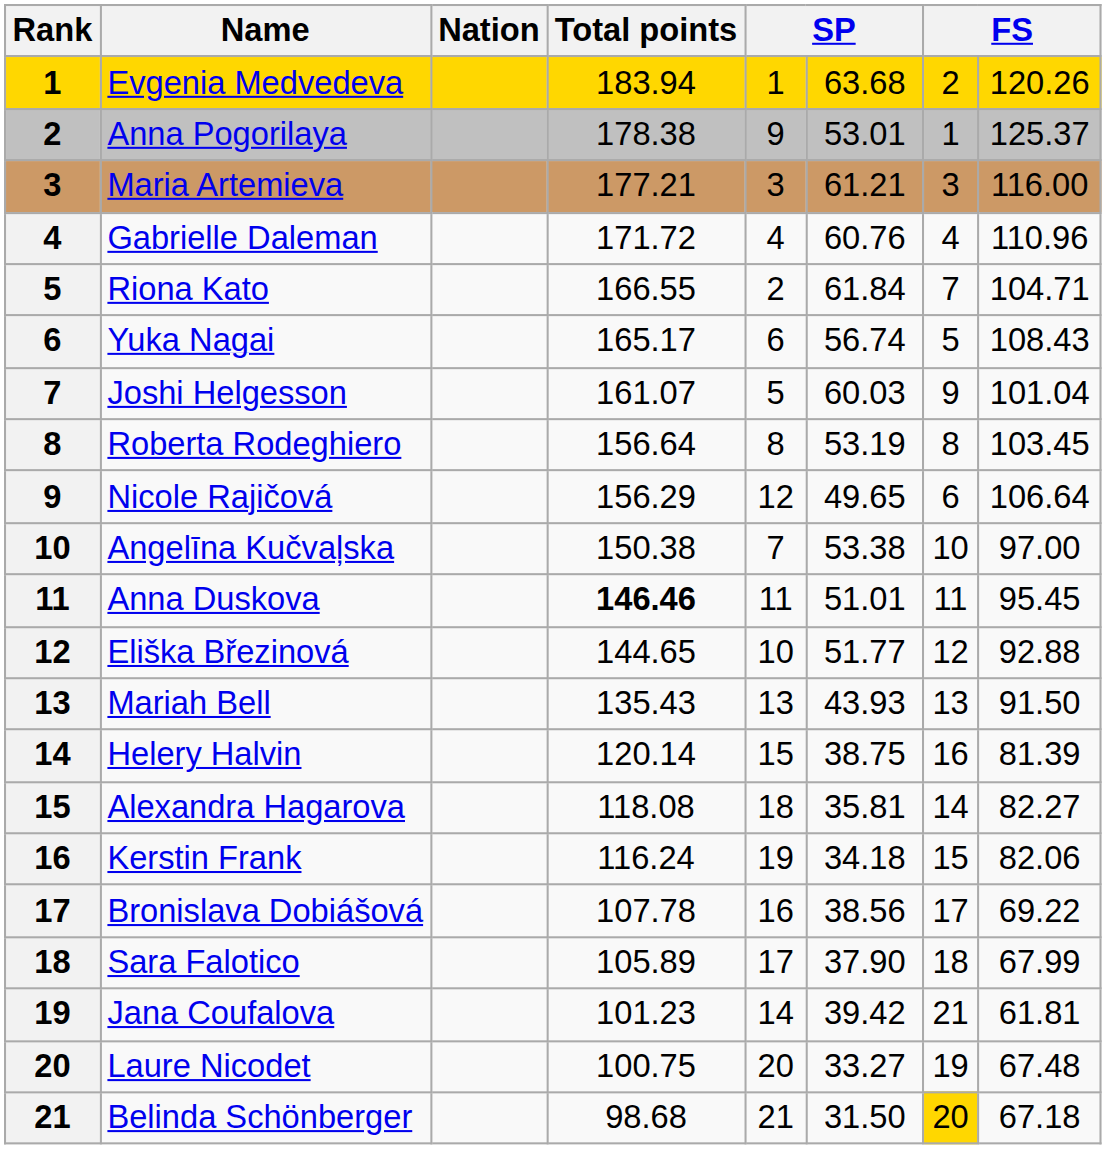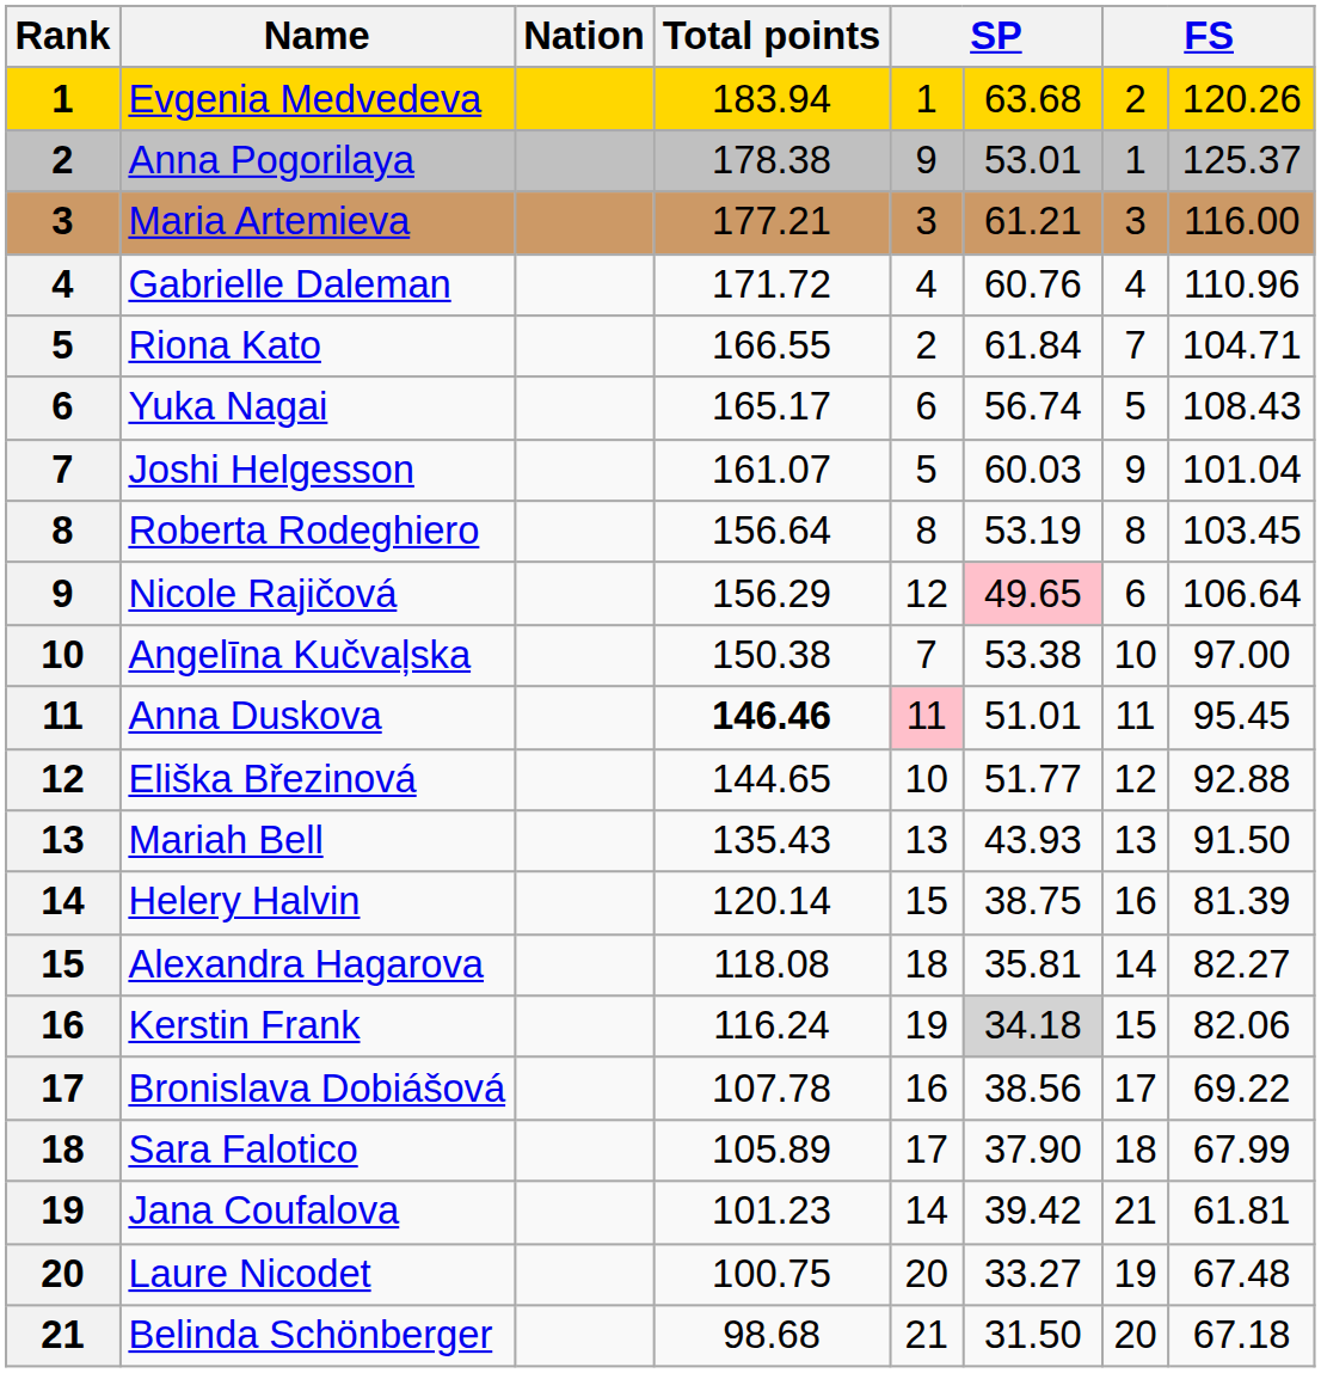 <table class="wikitable sortable">
 <tr>
 <th>Rank</th>
 <th>Name</th>
 <th>Nation</th>
 <th>Total points</th>
 <th colspan="2" width="80px"><a href='#'>SP</a></th>
 <th colspan="2" width="80px"><a href='#'>FS</a></th>
 </tr>
 <tr bgcolor="gold">
 <td align="center"><strong>1</strong></td>
 <td><a href='#'>Evgenia Medvedeva</a></td>
 <td></td>
 <td align="center">183.94</td>
 <td align="center">1</td>
 <td align="center">63.68</td>
 <td align="center">2</td>
 <td align="center">120.26</td>
 </tr>
 <tr bgcolor="silver">
 <td align="center"><strong>2</strong></td>
 <td><a href='#'>Anna Pogorilaya</a></td>
 <td></td>
 <td align="center">178.38</td>
 <td align="center">9</td>
 <td align="center">53.01</td>
 <td align="center">1</td>
 <td align="center">125.37</td>
 </tr>
 <tr bgcolor="cc9966">
 <td align="center"><strong>3</strong></td>
 <td><a href='#'>Maria Artemieva</a></td>
 <td></td>
 <td align="center">177.21</td>
 <td align="center">3</td>
 <td align="center">61.21</td>
 <td align="center">3</td>
 <td align="center">116.00</td>
 </tr>
 <tr>
 <th>4</th>
 <td><a href='#'>Gabrielle Daleman</a></td>
 <td></td>
 <td align="center">171.72</td>
 <td align="center">4</td>
 <td align="center">60.76</td>
 <td align="center">4</td>
 <td align="center">110.96</td>
 </tr>
 <tr>
 <th>5</th>
 <td><a href='#'>Riona Kato</a></td>
 <td></td>
 <td align="center">166.55</td>
 <td align="center">2</td>
 <td align="center">61.84</td>
 <td align="center">7</td>
 <td align="center">104.71</td>
 </tr>
 <tr>
 <th>6</th>
 <td><a href='#'>Yuka Nagai</a></td>
 <td></td>
 <td align="center">165.17</td>
 <td align="center">6</td>
 <td align="center">56.74</td>
 <td align="center">5</td>
 <td align="center">108.43</td>
 </tr>
 <tr>
 <th>7</th>
 <td><a href='#'>Joshi Helgesson</a></td>
 <td></td>
 <td align="center">161.07</td>
 <td align="center">5</td>
 <td align="center">60.03</td>
 <td align="center">9</td>
 <td align="center">101.04</td>
 </tr>
 <tr>
 <th>8</th>
 <td><a href='#'>Roberta Rodeghiero</a></td>
 <td></td>
 <td align="center">156.64</td>
 <td align="center">8</td>
 <td align="center">53.19</td>
 <td align="center">8</td>
 <td align="center">103.45</td>
 </tr>
 <tr>
 <th>9</th>
 <td><a href='#'>Nicole Rajičová</a></td>
 <td></td>
 <td align="center">156.29</td>
 <td align="center">12</td>
-<td align="center">49.65</td>
+<td align="center" style="background: pink;">49.65</td>
 <td align="center">6</td>
 <td align="center">106.64</td>
 </tr>
 <tr>
 <th>10</th>
 <td><a href='#'>Angelīna Kučvaļska</a></td>
 <td></td>
 <td align="center">150.38</td>
 <td align="center">7</td>
 <td align="center">53.38</td>
 <td align="center">10</td>
 <td align="center">97.00</td>
 </tr>
 <tr>
 <th>11</th>
 <td><a href='#'>Anna Duskova</a></td>
 <td></td>
 <td align="center"><strong>146.46</strong></td>
-<td align="center">11</td>
+<td align="center" style="background: pink;">11</td>
 <td align="center">51.01</td>
 <td align="center">11</td>
 <td align="center">95.45</td>
 </tr>
 <tr>
 <th>12</th>
 <td><a href='#'>Eliška Březinová</a></td>
 <td></td>
 <td align="center">144.65</td>
 <td align="center">10</td>
 <td align="center">51.77</td>
 <td align="center">12</td>
 <td align="center">92.88</td>
 </tr>
 <tr>
 <th>13</th>
 <td><a href='#'>Mariah Bell</a></td>
 <td></td>
 <td align="center">135.43</td>
 <td align="center">13</td>
 <td align="center">43.93</td>
 <td align="center">13</td>
 <td align="center">91.50</td>
 </tr>
 <tr>
 <th>14</th>
 <td><a href='#'>Helery Halvin</a></td>
 <td></td>
 <td align="center">120.14</td>
 <td align="center">15</td>
 <td align="center">38.75</td>
 <td align="center">16</td>
 <td align="center">81.39</td>
 </tr>
 <tr>
 <th>15</th>
 <td><a href='#'>Alexandra Hagarova</a></td>
 <td></td>
 <td align="center">118.08</td>
 <td align="center">18</td>
 <td align="center">35.81</td>
 <td align="center">14</td>
 <td align="center">82.27</td>
 </tr>
 <tr>
 <th>16</th>
 <td><a href='#'>Kerstin Frank</a></td>
 <td></td>
 <td align="center">116.24</td>
 <td align="center">19</td>
-<td align="center">34.18</td>
+<td align="center" style="background: lightgrey;">34.18</td>
 <td align="center">15</td>
 <td align="center">82.06</td>
 </tr>
 <tr>
 <th>17</th>
 <td><a href='#'>Bronislava Dobiášová</a></td>
 <td></td>
 <td align="center">107.78</td>
 <td align="center">16</td>
 <td align="center">38.56</td>
 <td align="center">17</td>
 <td align="center">69.22</td>
 </tr>
 <tr>
 <th>18</th>
 <td><a href='#'>Sara Falotico</a></td>
 <td></td>
 <td align="center">105.89</td>
 <td align="center">17</td>
 <td align="center">37.90</td>
 <td align="center">18</td>
 <td align="center">67.99</td>
 </tr>
 <tr>
 <th>19</th>
 <td><a href='#'>Jana Coufalova</a></td>
 <td></td>
 <td align="center">101.23</td>
 <td align="center">14</td>
 <td align="center">39.42</td>
 <td align="center">21</td>
 <td align="center">61.81</td>
 </tr>
 <tr>
 <th>20</th>
 <td><a href='#'>Laure Nicodet</a></td>
 <td></td>
 <td align="center">100.75</td>
 <td align="center">20</td>
 <td align="center">33.27</td>
 <td align="center">19</td>
 <td align="center">67.48</td>
 </tr>
 <tr>
 <th>21</th>
 <td><a href='#'>Belinda Schönberger</a></td>
 <td></td>
 <td align="center">98.68</td>
 <td align="center">21</td>
 <td align="center">31.50</td>
-<td align="center" style="background: gold;">20</td>
+<td align="center">20</td>
 <td align="center">67.18</td>
 </tr>
 </table>
